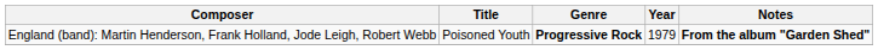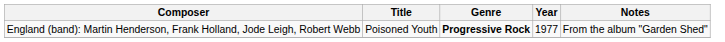 <table class="wikitable sortable" style="text-align: left">
 <tr>
 <th>Composer</th>
 <th>Title</th>
 <th>Genre</th>
 <th>Year</th>
 <th>Notes</th>
 </tr>
 <tr>
 <td>England (band): Martin Henderson, Frank Holland, Jode Leigh, Robert Webb</td>
 <td>Poisoned Youth</td>
 <td><strong>Progressive Rock</strong></td>
-<td>1979</td>
-<td><strong>From the album "Garden Shed"</strong></td>
+<td>1977</td>
+<td>From the album "Garden Shed"</td>
 </tr>
 <tr>
 </tr>
 </table>
